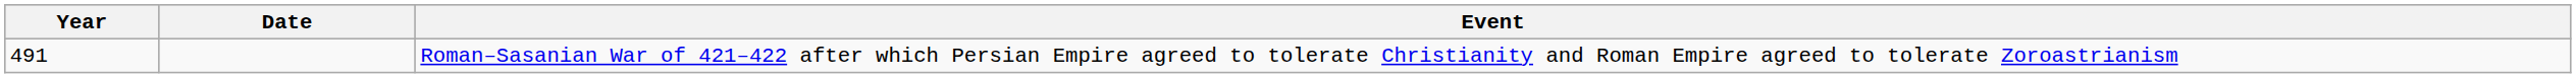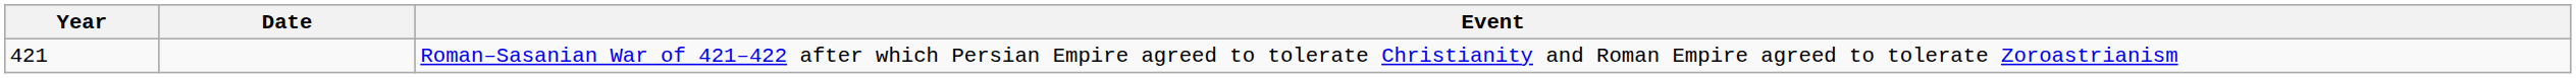 <table class="wikitable" width="100%">
 <tr>
 <th style="width:6%">Year</th>
 <th style="width:10%">Date</th>
 <th>Event</th>
 </tr>
 <tr>
-<td>491</td>
+<td>421</td>
 <td></td>
 <td><a href='#'>Roman–Sasanian War of 421–422</a> after which Persian Empire agreed to tolerate <a href='#'>Christianity</a> and Roman Empire agreed to tolerate <a href='#'>Zoroastrianism</a></td>
 </tr>
 </table>
